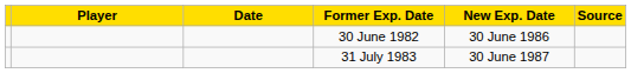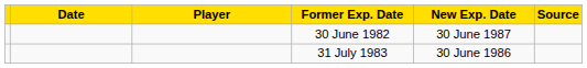 <table class="wikitable sortable">
 <tr>
 <th style="background:#FFDE00"></th>
+<th width=150 style="background:#FFDE00">Date</th>
 <th width=200 style="background:#FFDE00">Player</th>
-<th width=150 style="background:#FFDE00">Date</th>
 <th width=150 style="background:#FFDE00">Former Exp. Date</th>
 <th width=150 style="background:#FFDE00">New Exp. Date</th>
 <th style="background:#FFDE00">Source</th>
 </tr>
 <tr>
 <td align=center></td>
+<td align=center></td>
 <td></td>
-<td align=center></td>
 <td align=center>30 June 1982</td>
-<td align=center>30 June 1986</td>
+<td align=center>30 June 1987</td>
 <td align=center></td>
 </tr>
 <tr>
 <td align=center></td>
+<td align=center></td>
 <td></td>
-<td align=center></td>
 <td align=center>31 July 1983</td>
-<td align=center>30 June 1987</td>
+<td align=center>30 June 1986</td>
 <td align=center></td>
 </tr>
 </table>
